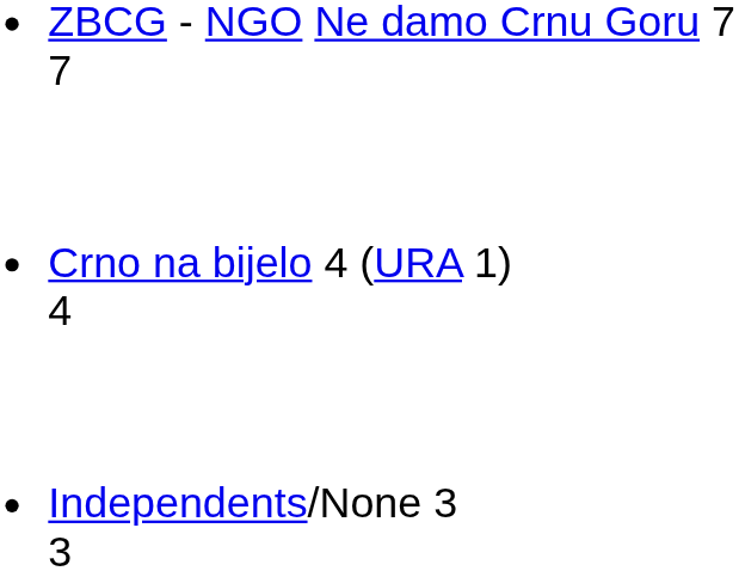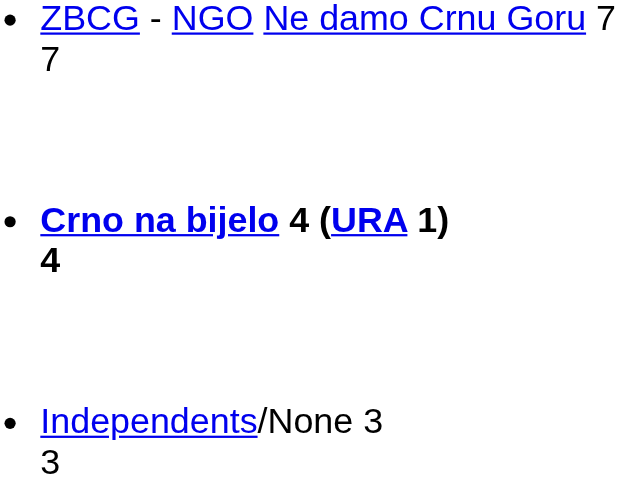 <table>
 <tr>
 <td><br><ul><li><a href='#'>ZBCG</a> - <a href='#'>NGO</a> <a href='#'>Ne damo Crnu Goru</a> 7 <div>7</div></li></ul></td>
 </tr>
 <tr>
-<td><br><ul><li><a href='#'>Crno na bijelo</a> 4 (<a href='#'>URA</a> 1)<div>4</div></li></ul></td>
+<td><strong><br><ul><li><a href='#'>Crno na bijelo</a> 4 (<a href='#'>URA</a> 1)<div>4</div></li></ul></strong></td>
 </tr>
 <tr>
 <td><br><ul><li><a href='#'>Independents</a>/None 3 <div>3</div></li></ul></td>
 </tr>
 </table>
